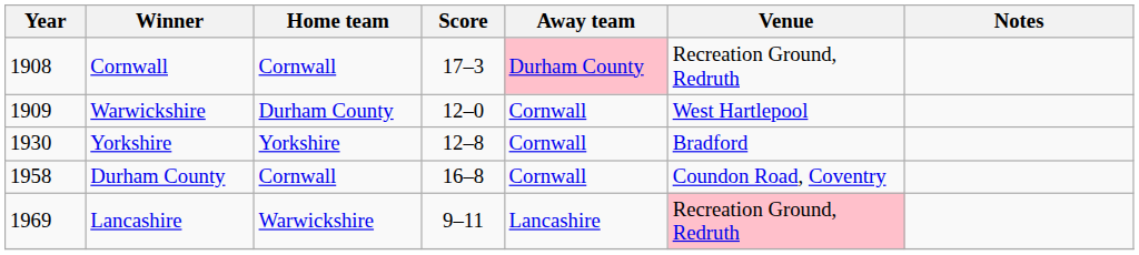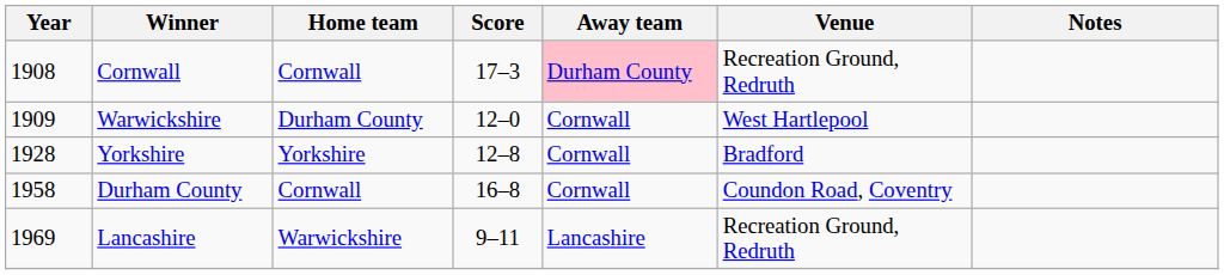 <table class="wikitable">
 <tr>
 <th width="60pt">Year</th>
 <th width="130pt">Winner</th>
 <th width="130pt">Home team</th>
 <th width="60pt">Score</th>
 <th width="130pt">Away team</th>
 <th width="200pt">Venue</th>
 <th width="200pt">Notes</th>
 </tr>
 <tr>
 <td>1908</td>
 <td><a href='#'>Cornwall</a></td>
 <td><a href='#'>Cornwall</a></td>
 <td align=center>17–3</td>
 <td style="background: pink;"><a href='#'>Durham County</a></td>
 <td>Recreation Ground, <a href='#'>Redruth</a></td>
 <td></td>
 </tr>
 <tr>
 <td>1909</td>
 <td><a href='#'>Warwickshire</a></td>
 <td><a href='#'>Durham County</a></td>
 <td align=center>12–0</td>
 <td><a href='#'>Cornwall</a></td>
 <td><a href='#'>West Hartlepool</a></td>
 <td></td>
 </tr>
 <tr>
-<td>1930</td>
+<td>1928</td>
 <td><a href='#'>Yorkshire</a></td>
 <td><a href='#'>Yorkshire</a></td>
 <td align=center>12–8</td>
 <td><a href='#'>Cornwall</a></td>
 <td><a href='#'>Bradford</a></td>
 <td></td>
 </tr>
 <tr>
 <td>1958</td>
 <td><a href='#'>Durham County</a></td>
 <td><a href='#'>Cornwall</a></td>
 <td align=center>16–8</td>
 <td><a href='#'>Cornwall</a></td>
 <td><a href='#'>Coundon Road</a>, <a href='#'>Coventry</a></td>
 <td></td>
 </tr>
 <tr>
 <td>1969</td>
 <td><a href='#'>Lancashire</a></td>
 <td><a href='#'>Warwickshire</a></td>
 <td align=center>9–11</td>
 <td><a href='#'>Lancashire</a></td>
-<td style="background: pink;">Recreation Ground, <a href='#'>Redruth</a></td>
+<td>Recreation Ground, <a href='#'>Redruth</a></td>
 <td></td>
 </tr>
 <tr>
 </tr>
 </table>
